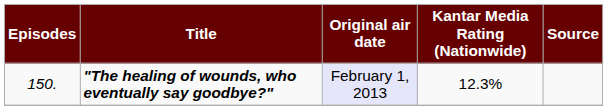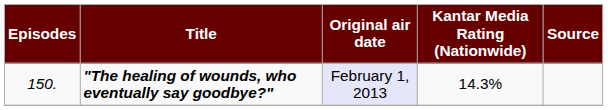 <table class="wikitable" style="text-align:center; font-size:100%; line-height:18px;" width="100%">
 <tr style="color:black;">
 <th style="background:#660000; color:#ffffff">Episodes</th>
 <th style="background:#660000; color:#ffffff">Title</th>
 <th style="background:#660000; color:#ffffff">Original air date</th>
 <th style="background:#660000; color:#ffffff">Kantar Media Rating <br> (Nationwide)</th>
 <th style="background:#660000; color:#ffffff">Source</th>
 </tr>
 <tr style="text-align: center">
 <td><em>150.</em></td>
 <td align="left"><strong><em>"The healing of wounds, who eventually say goodbye?"</em></strong></td>
 <td style="background: lavender;">February 1, 2013</td>
-<td>12.3%</td>
+<td>14.3%</td>
 <td></td>
 </tr>
 <tr>
 </tr>
 </table>
